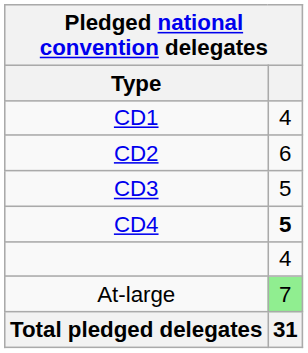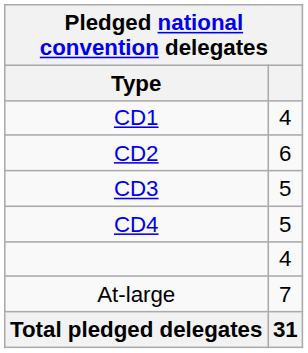 <table class="wikitable sortable" style="font-size:90%;text-align:center;float:none;padding:5px;">
 <tr>
 <th colspan="2">Pledged <a href='#'>national<br>convention</a> delegates</th>
 </tr>
 <tr>
 <th>Type</th>
 <th></th>
 </tr>
 <tr>
 <td><a href='#'>CD1</a></td>
 <td>4</td>
 </tr>
 <tr>
 <td><a href='#'>CD2</a></td>
 <td>6</td>
 </tr>
 <tr>
 <td><a href='#'>CD3</a></td>
 <td>5</td>
 </tr>
 <tr>
 <td><a href='#'>CD4</a></td>
-<td><strong>5</strong></td>
+<td>5</td>
 </tr>
 <tr>
 <td></td>
 <td>4</td>
 </tr>
 <tr>
 <td>At-large</td>
-<td style="background: lightgreen;">7</td>
+<td>7</td>
 </tr>
 <tr>
 <th>Total pledged delegates</th>
 <th>31</th>
 </tr>
 </table>
